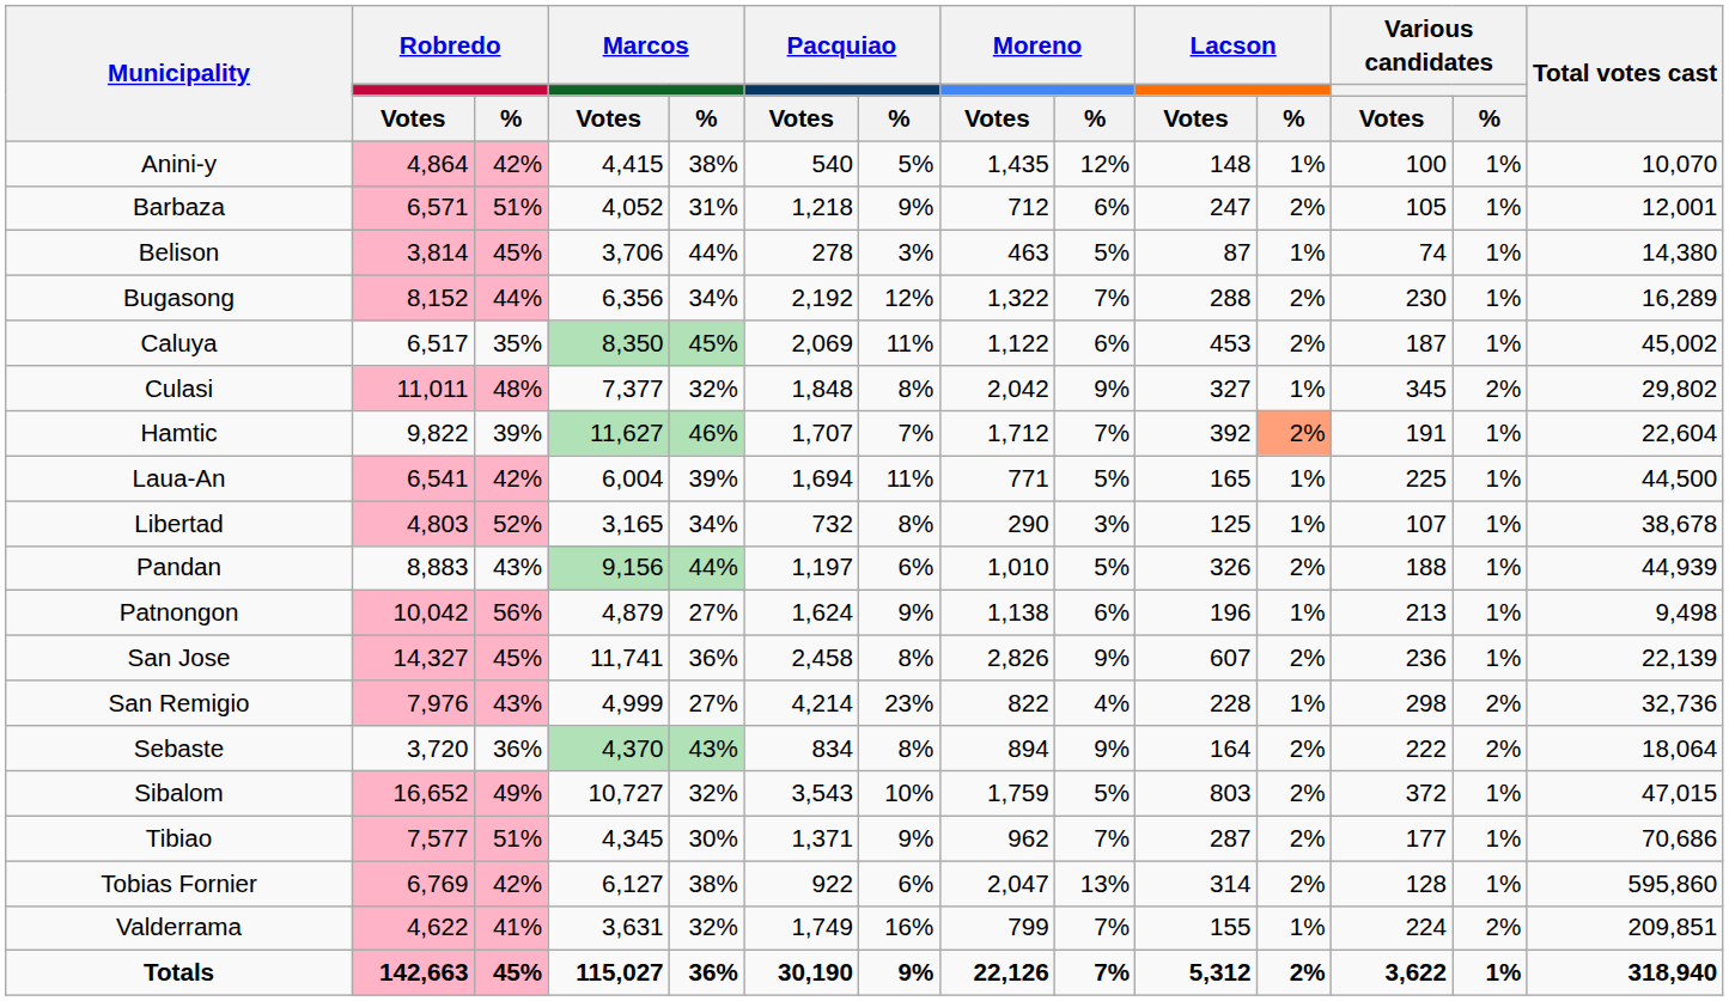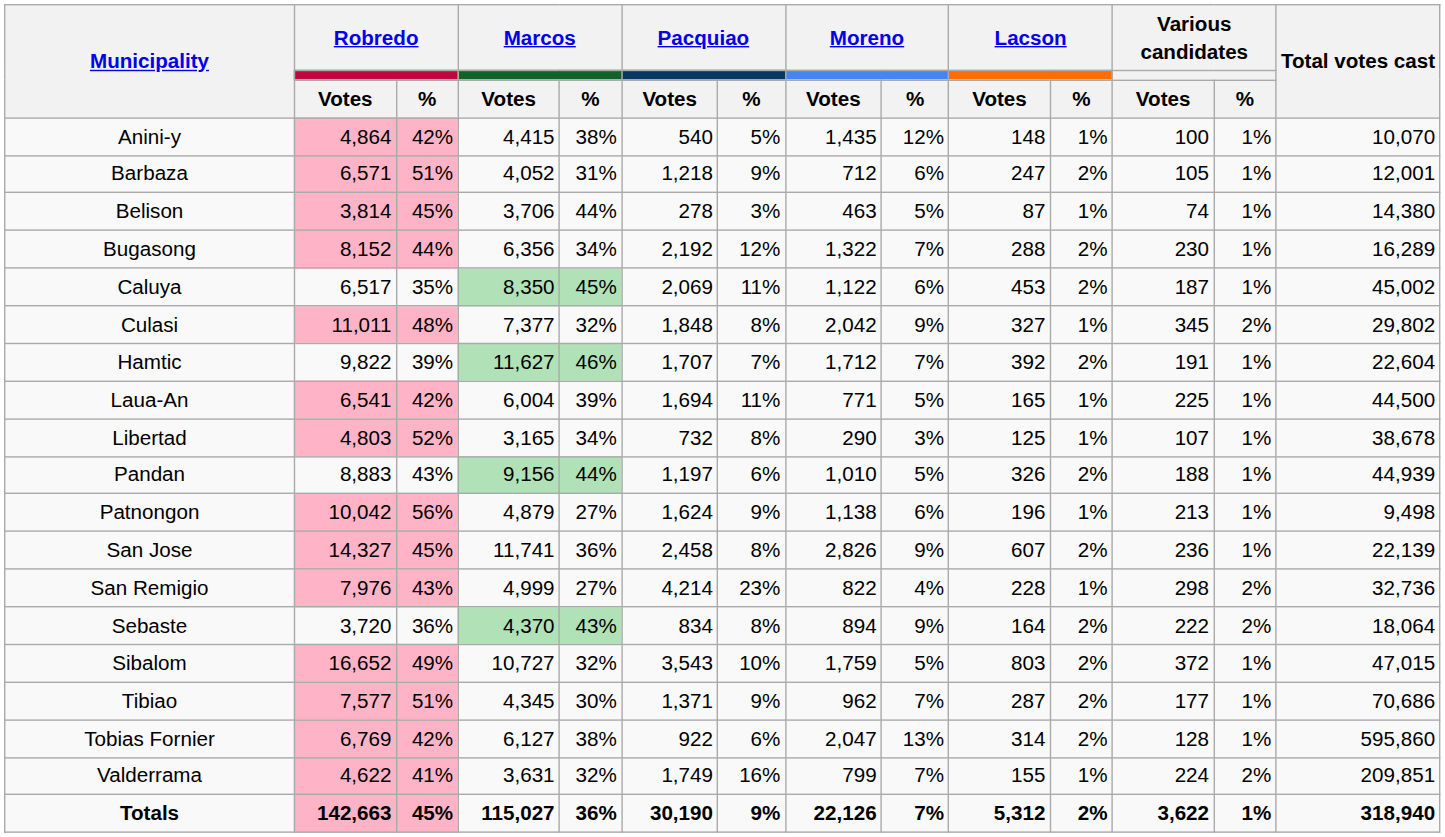 <table class="wikitable sortable" style="text-align:right; font-size:92%; line-height:20px;">
 <tr>
 <th rowspan="3" width="200"><a href='#'>Municipality</a></th>
 <th colspan="2" width="110"><a href='#'>Robredo</a></th>
 <th colspan="2" width="110"><a href='#'>Marcos</a></th>
 <th colspan="2" width="110"><a href='#'>Pacquiao</a></th>
 <th colspan="2" width="110"><a href='#'>Moreno</a></th>
 <th colspan="2" width="110"><a href='#'>Lacson</a></th>
 <th colspan="2" width="110">Various candidates</th>
 <th rowspan="3">Total votes cast</th>
 </tr>
 <tr>
 <th colspan="2" style="background:#c3073e;"></th>
 <th colspan="2" style="background:#0f6326;"></th>
 <th colspan="2" style="background:#073763;"></th>
 <th colspan="2" style="background:#4285f4;"></th>
 <th colspan="2" style="background:#ff6d01;"></th>
 <th colspan="2"></th>
 </tr>
 <tr>
 <th>Votes</th>
 <th>%</th>
 <th>Votes</th>
 <th>%</th>
 <th>Votes</th>
 <th>%</th>
 <th>Votes</th>
 <th>%</th>
 <th>Votes</th>
 <th>%</th>
 <th>Votes</th>
 <th>%</th>
 </tr>
 <tr>
 <td style="text-align:center;">Anini-y</td>
 <td style="background:#FFB3C7;">4,864</td>
 <td style="background:#FFB3C7;">42%</td>
 <td>4,415</td>
 <td>38%</td>
 <td>540</td>
 <td>5%</td>
 <td>1,435</td>
 <td>12%</td>
 <td>148</td>
 <td>1%</td>
 <td>100</td>
 <td>1%</td>
 <td>10,070</td>
 </tr>
 <tr>
 <td style="text-align:center;">Barbaza</td>
 <td style="background:#FFB3C7;">6,571</td>
 <td style="background:#FFB3C7;">51%</td>
 <td>4,052</td>
 <td>31%</td>
 <td>1,218</td>
 <td>9%</td>
 <td>712</td>
 <td>6%</td>
 <td>247</td>
 <td>2%</td>
 <td>105</td>
 <td>1%</td>
 <td>12,001</td>
 </tr>
 <tr>
 <td style="text-align:center;">Belison</td>
 <td style="background:#FFB3C7;">3,814</td>
 <td style="background:#FFB3C7;">45%</td>
 <td>3,706</td>
 <td>44%</td>
 <td>278</td>
 <td>3%</td>
 <td>463</td>
 <td>5%</td>
 <td>87</td>
 <td>1%</td>
 <td>74</td>
 <td>1%</td>
 <td>14,380</td>
 </tr>
 <tr>
 <td style="text-align:center;">Bugasong</td>
 <td style="background:#FFB3C7;">8,152</td>
 <td style="background:#FFB3C7;">44%</td>
 <td>6,356</td>
 <td>34%</td>
 <td>2,192</td>
 <td>12%</td>
 <td>1,322</td>
 <td>7%</td>
 <td>288</td>
 <td>2%</td>
 <td>230</td>
 <td>1%</td>
 <td>16,289</td>
 </tr>
 <tr>
 <td style="text-align:center;">Caluya</td>
 <td>6,517</td>
 <td>35%</td>
 <td style="background:#B0E1B7;">8,350</td>
 <td style="background:#B0E1B7;">45%</td>
 <td>2,069</td>
 <td>11%</td>
 <td>1,122</td>
 <td>6%</td>
 <td>453</td>
 <td>2%</td>
 <td>187</td>
 <td>1%</td>
 <td>45,002</td>
 </tr>
 <tr>
 <td style="text-align:center;">Culasi</td>
 <td style="background:#FFB3C7;">11,011</td>
 <td style="background:#FFB3C7;">48%</td>
 <td>7,377</td>
 <td>32%</td>
 <td>1,848</td>
 <td>8%</td>
 <td>2,042</td>
 <td>9%</td>
 <td>327</td>
 <td>1%</td>
 <td>345</td>
 <td>2%</td>
 <td>29,802</td>
 </tr>
 <tr>
 <td style="text-align:center;">Hamtic</td>
 <td>9,822</td>
 <td>39%</td>
 <td style="background:#B0E1B7;">11,627</td>
 <td style="background:#B0E1B7;">46%</td>
 <td>1,707</td>
 <td>7%</td>
 <td>1,712</td>
 <td>7%</td>
 <td>392</td>
-<td style="background: lightsalmon;">2%</td>
+<td>2%</td>
 <td>191</td>
 <td>1%</td>
 <td>22,604</td>
 </tr>
 <tr>
 <td style="text-align:center;">Laua-An</td>
 <td style="background:#FFB3C7;">6,541</td>
 <td style="background:#FFB3C7;">42%</td>
 <td>6,004</td>
 <td>39%</td>
 <td>1,694</td>
 <td>11%</td>
 <td>771</td>
 <td>5%</td>
 <td>165</td>
 <td>1%</td>
 <td>225</td>
 <td>1%</td>
 <td>44,500</td>
 </tr>
 <tr>
 <td style="text-align:center;">Libertad</td>
 <td style="background:#FFB3C7;">4,803</td>
 <td style="background:#FFB3C7;">52%</td>
 <td>3,165</td>
 <td>34%</td>
 <td>732</td>
 <td>8%</td>
 <td>290</td>
 <td>3%</td>
 <td>125</td>
 <td>1%</td>
 <td>107</td>
 <td>1%</td>
 <td>38,678</td>
 </tr>
 <tr>
 <td style="text-align:center;">Pandan</td>
 <td>8,883</td>
 <td>43%</td>
 <td style="background:#B0E1B7;">9,156</td>
 <td style="background:#B0E1B7;">44%</td>
 <td>1,197</td>
 <td>6%</td>
 <td>1,010</td>
 <td>5%</td>
 <td>326</td>
 <td>2%</td>
 <td>188</td>
 <td>1%</td>
 <td>44,939</td>
 </tr>
 <tr>
 <td style="text-align:center;">Patnongon</td>
 <td style="background:#FFB3C7;">10,042</td>
 <td style="background:#FFB3C7;">56%</td>
 <td>4,879</td>
 <td>27%</td>
 <td>1,624</td>
 <td>9%</td>
 <td>1,138</td>
 <td>6%</td>
 <td>196</td>
 <td>1%</td>
 <td>213</td>
 <td>1%</td>
 <td>9,498</td>
 </tr>
 <tr>
 <td style="text-align:center;">San Jose</td>
 <td style="background:#FFB3C7;">14,327</td>
 <td style="background:#FFB3C7;">45%</td>
 <td>11,741</td>
 <td>36%</td>
 <td>2,458</td>
 <td>8%</td>
 <td>2,826</td>
 <td>9%</td>
 <td>607</td>
 <td>2%</td>
 <td>236</td>
 <td>1%</td>
 <td>22,139</td>
 </tr>
 <tr>
 <td style="text-align:center;">San Remigio</td>
 <td style="background:#FFB3C7;">7,976</td>
 <td style="background:#FFB3C7;">43%</td>
 <td>4,999</td>
 <td>27%</td>
 <td>4,214</td>
 <td>23%</td>
 <td>822</td>
 <td>4%</td>
 <td>228</td>
 <td>1%</td>
 <td>298</td>
 <td>2%</td>
 <td>32,736</td>
 </tr>
 <tr>
 <td style="text-align:center;">Sebaste</td>
 <td>3,720</td>
 <td>36%</td>
 <td style="background:#B0E1B7;">4,370</td>
 <td style="background:#B0E1B7;">43%</td>
 <td>834</td>
 <td>8%</td>
 <td>894</td>
 <td>9%</td>
 <td>164</td>
 <td>2%</td>
 <td>222</td>
 <td>2%</td>
 <td>18,064</td>
 </tr>
 <tr>
 <td style="text-align:center;">Sibalom</td>
 <td style="background:#FFB3C7;">16,652</td>
 <td style="background:#FFB3C7;">49%</td>
 <td>10,727</td>
 <td>32%</td>
 <td>3,543</td>
 <td>10%</td>
 <td>1,759</td>
 <td>5%</td>
 <td>803</td>
 <td>2%</td>
 <td>372</td>
 <td>1%</td>
 <td>47,015</td>
 </tr>
 <tr>
 <td style="text-align:center;">Tibiao</td>
 <td style="background:#FFB3C7;">7,577</td>
 <td style="background:#FFB3C7;">51%</td>
 <td>4,345</td>
 <td>30%</td>
 <td>1,371</td>
 <td>9%</td>
 <td>962</td>
 <td>7%</td>
 <td>287</td>
 <td>2%</td>
 <td>177</td>
 <td>1%</td>
 <td>70,686</td>
 </tr>
 <tr>
 <td style="text-align:center;">Tobias Fornier</td>
 <td style="background:#FFB3C7;">6,769</td>
 <td style="background:#FFB3C7;">42%</td>
 <td>6,127</td>
 <td>38%</td>
 <td>922</td>
 <td>6%</td>
 <td>2,047</td>
 <td>13%</td>
 <td>314</td>
 <td>2%</td>
 <td>128</td>
 <td>1%</td>
 <td>595,860</td>
 </tr>
 <tr>
 <td style="text-align:center;">Valderrama</td>
 <td style="background:#FFB3C7;">4,622</td>
 <td style="background:#FFB3C7;">41%</td>
 <td>3,631</td>
 <td>32%</td>
 <td>1,749</td>
 <td>16%</td>
 <td>799</td>
 <td>7%</td>
 <td>155</td>
 <td>1%</td>
 <td>224</td>
 <td>2%</td>
 <td>209,851</td>
 </tr>
 <tr>
 <td style="text-align:center;"><strong>Totals</strong></td>
 <td style="background:#FFB3C7;"><strong>142,663</strong></td>
 <td style="background:#FFB3C7;"><strong>45%</strong></td>
 <td><strong>115,027</strong></td>
 <td><strong>36%</strong></td>
 <td><strong>30,190</strong></td>
 <td><strong>9%</strong></td>
 <td><strong>22,126</strong></td>
 <td><strong>7%</strong></td>
 <td><strong>5,312</strong></td>
 <td><strong>2%</strong></td>
 <td><strong>3,622</strong></td>
 <td><strong>1%</strong></td>
 <td><strong>318,940</strong></td>
 </tr>
 </table>
